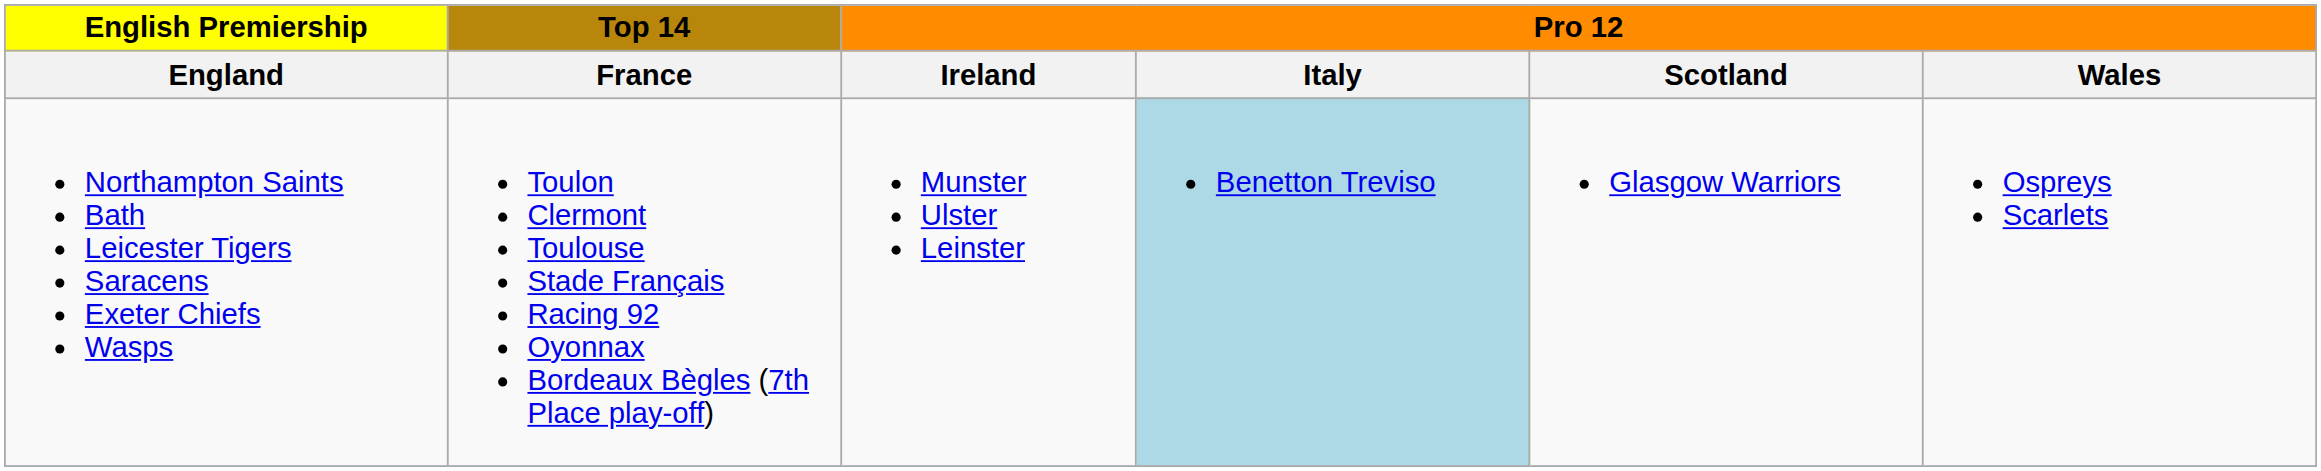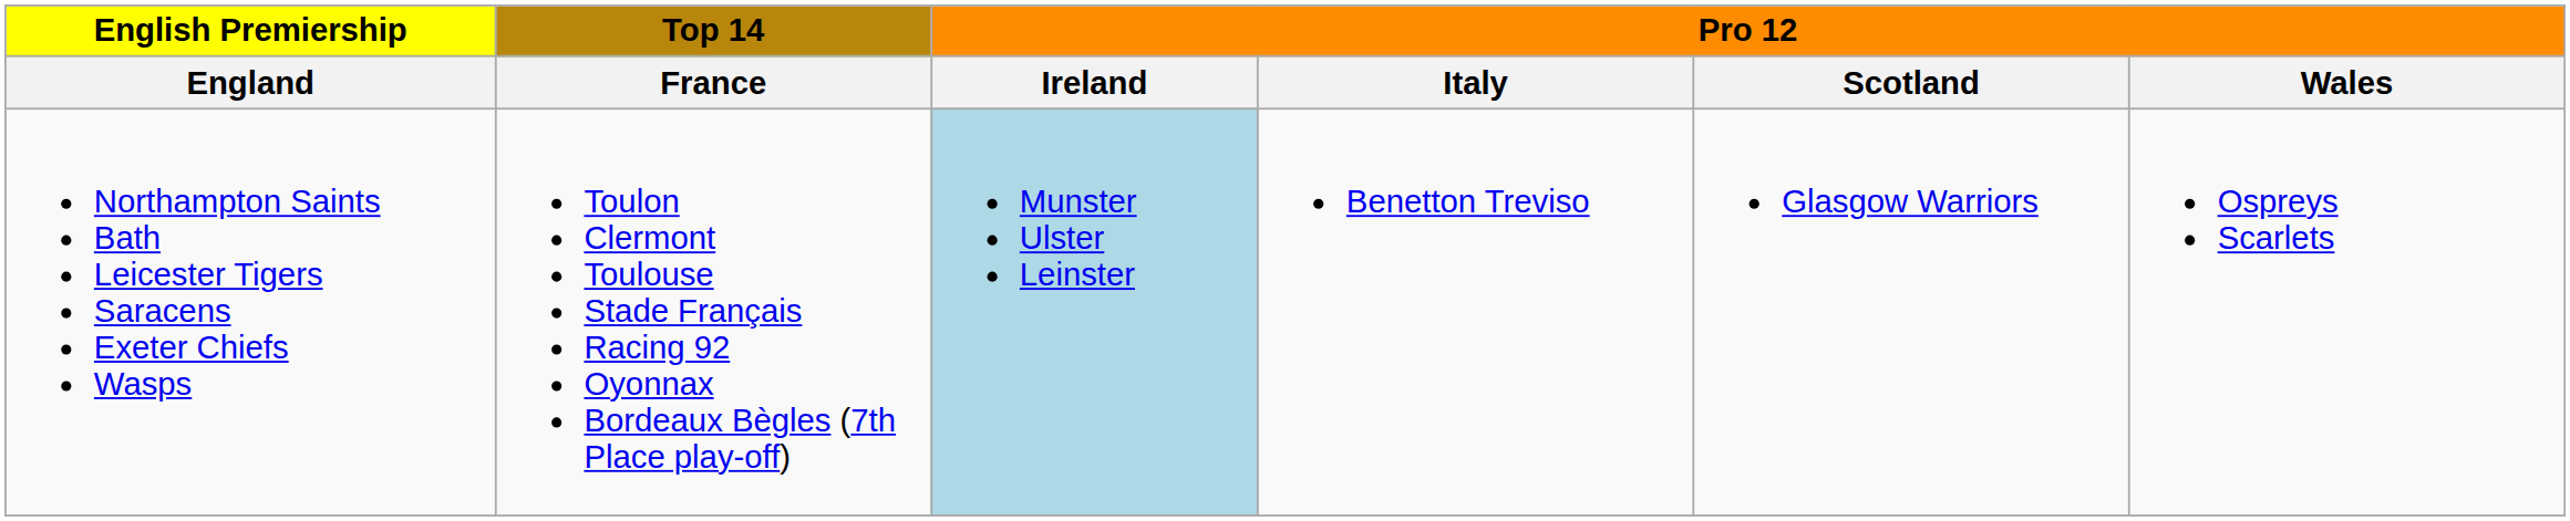 <table class="wikitable" style="width:100%;">
 <tr>
 <th style="background: #ffff00;">English Premiership</th>
 <th style="background: #b8860b;">Top 14</th>
 <th colspan="4" style="background: #ff8c00;">Pro 12</th>
 </tr>
 <tr>
 <th width=18%> England</th>
 <th width=16%> France</th>
 <th width=12%> Ireland</th>
 <th width=16%> Italy</th>
 <th width=16%> Scotland</th>
 <th width=16%> Wales</th>
 </tr>
 <tr valign=top>
 <td><br><ul><li><a href='#'>Northampton Saints</a></li><li><a href='#'>Bath</a></li><li><a href='#'>Leicester Tigers</a></li><li><a href='#'>Saracens</a></li><li><a href='#'>Exeter Chiefs</a></li><li><a href='#'>Wasps</a></li></ul></td>
 <td><br><ul><li><a href='#'>Toulon</a></li><li><a href='#'>Clermont</a></li><li><a href='#'>Toulouse</a></li><li><a href='#'>Stade Français</a></li><li><a href='#'>Racing 92</a></li><li><a href='#'>Oyonnax</a></li><li><a href='#'>Bordeaux Bègles</a> (<a href='#'>7th Place play-off</a>)</li></ul></td>
-<td><br><ul><li><a href='#'>Munster</a></li><li><a href='#'>Ulster</a></li><li><a href='#'>Leinster</a></li></ul></td>
-<td style="background: lightblue;"><br><ul><li><a href='#'>Benetton Treviso</a></li></ul></td>
+<td style="background: lightblue;"><br><ul><li><a href='#'>Munster</a></li><li><a href='#'>Ulster</a></li><li><a href='#'>Leinster</a></li></ul></td>
+<td><br><ul><li><a href='#'>Benetton Treviso</a></li></ul></td>
 <td><br><ul><li><a href='#'>Glasgow Warriors</a></li></ul></td>
 <td><br><ul><li><a href='#'>Ospreys</a></li><li><a href='#'>Scarlets</a></li></ul></td>
 </tr>
 </table>
